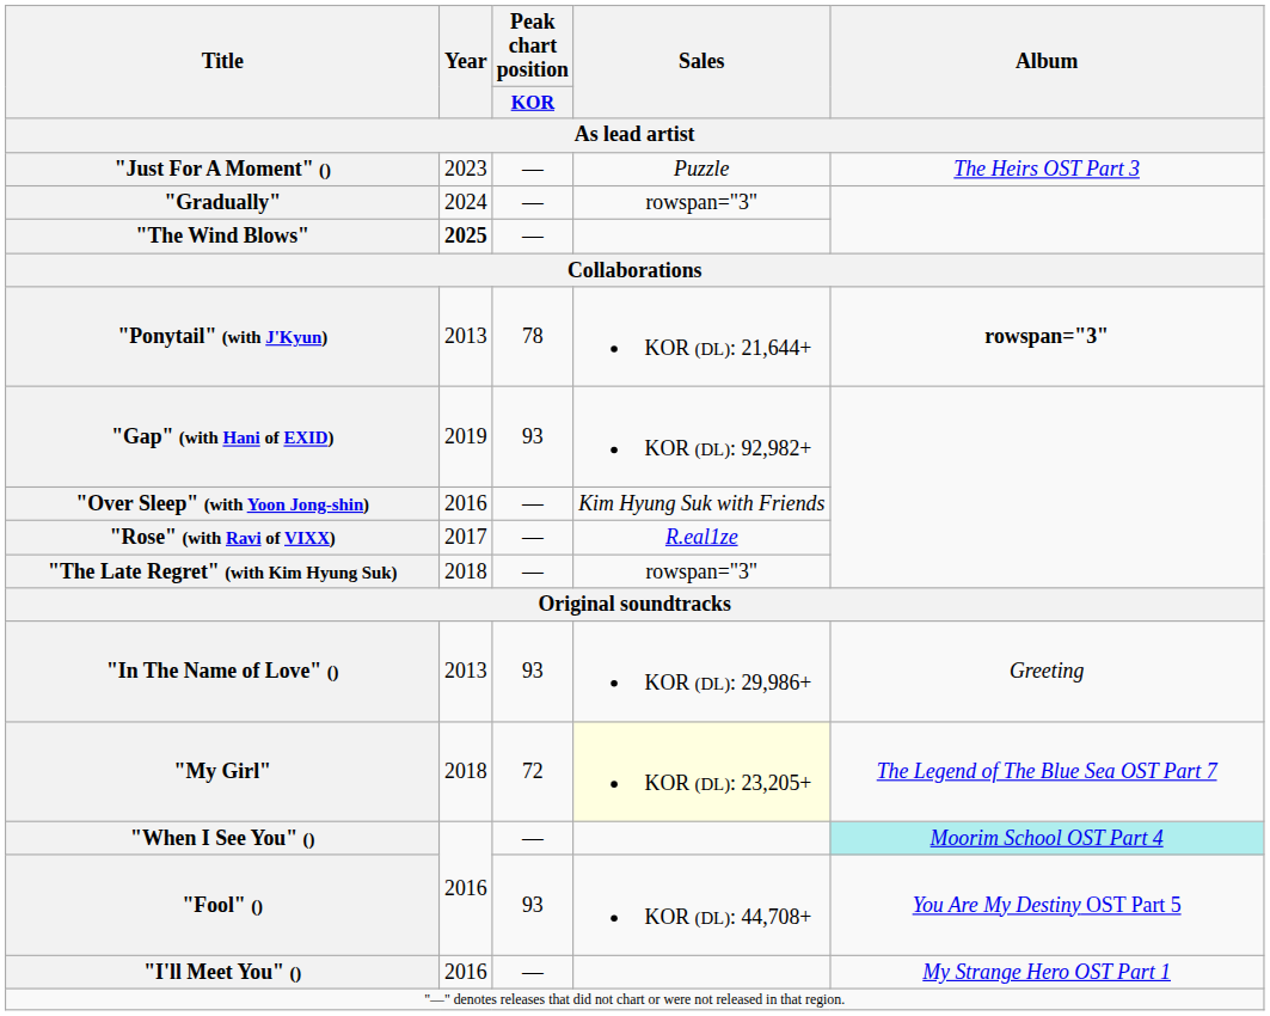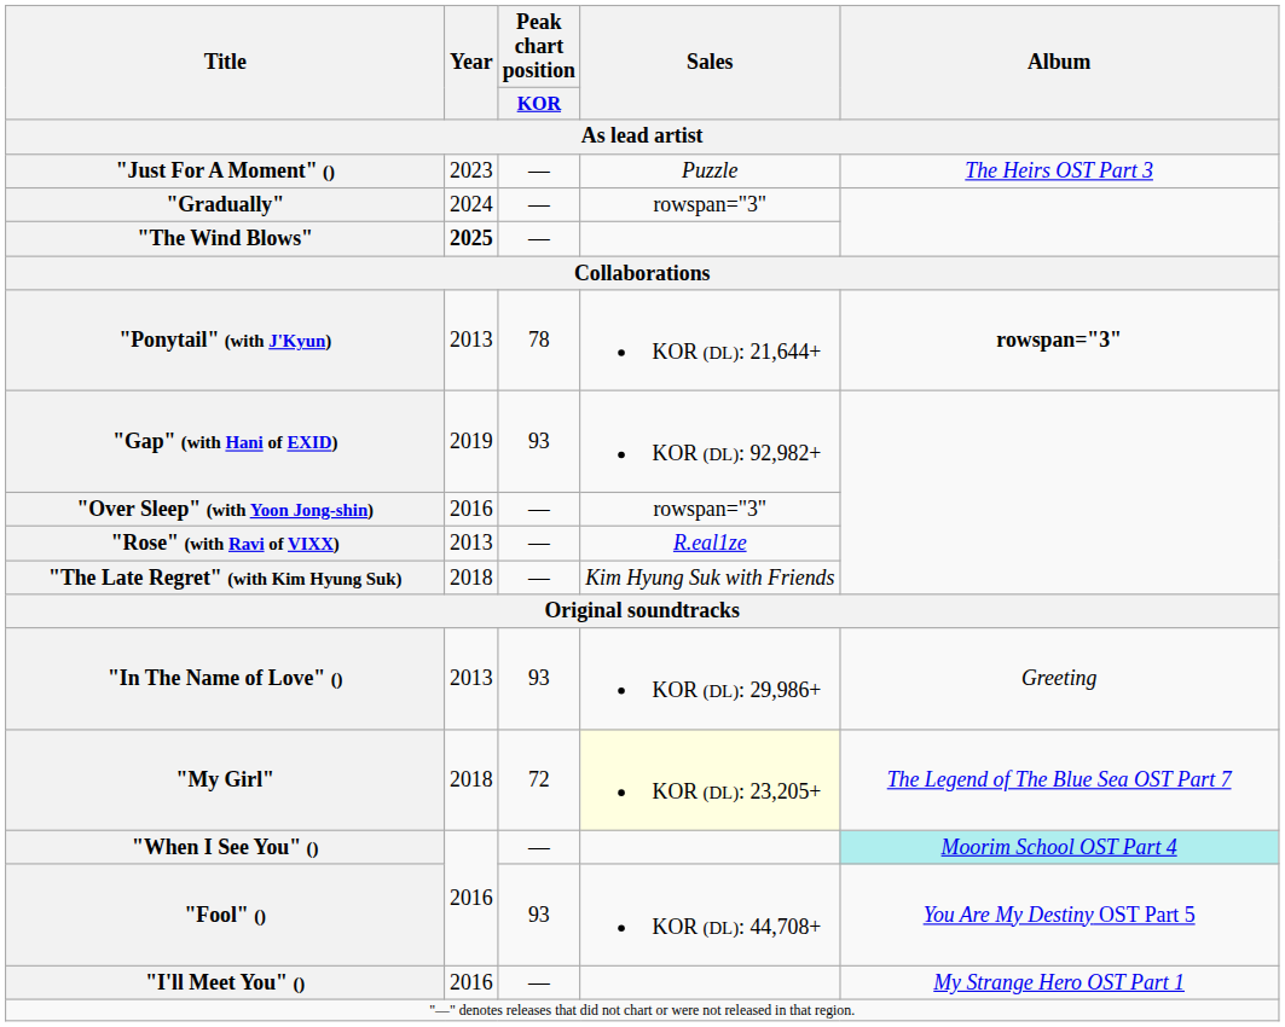 <table class="wikitable plainrowheaders" style="text-align:center">
 <tr>
 <th scope="col" rowspan="2" style="width:20em;">Title</th>
 <th scope="col" rowspan="2">Year</th>
 <th scope="col">Peak chart position</th>
 <th scope="col" rowspan="2">Sales</th>
 <th scope="col" rowspan="2" style="width:20em;">Album</th>
 </tr>
 <tr>
 <th style="width:3em;font-size:90%"><a href='#'>KOR</a><br></th>
 </tr>
 <tr>
 <th colspan="6">As lead artist</th>
 </tr>
 <tr>
 <th scope="row">"Just For A Moment" <small>()</small></th>
 <td>2023</td>
 <td>—</td>
 <td><em>Puzzle</em></td>
 <td><em><a href='#'>The Heirs OST Part 3</a></em></td>
 </tr>
 <tr>
 <th scope="row">"Gradually"</th>
 <td>2024</td>
 <td>—</td>
 <td>rowspan="3" </td>
 </tr>
 <tr>
 <th scope="row">"The Wind Blows"</th>
 <td><strong>2025</strong></td>
 <td>—</td>
 <td></td>
 </tr>
 <tr>
 <th colspan="5">Collaborations</th>
 </tr>
 <tr>
 <th scope="row">"Ponytail" <small>(with <a href='#'>J'Kyun</a>)</small></th>
 <td>2013</td>
 <td>78</td>
 <td><br><ul><li>KOR <small>(DL)</small>: 21,644+</li></ul></td>
 <td><strong>rowspan="3" </strong></td>
 </tr>
 <tr>
 <th scope="row">"Gap" <small>(with <a href='#'>Hani</a> of <a href='#'>EXID</a>)</small></th>
 <td>2019</td>
 <td>93</td>
 <td><br><ul><li>KOR <small>(DL)</small>: 92,982+</li></ul></td>
 </tr>
 <tr>
 <th scope="row">"Over Sleep" <small>(with <a href='#'>Yoon Jong-shin</a>)</small></th>
 <td>2016</td>
 <td>—</td>
-<td><em>Kim Hyung Suk with Friends</em></td>
+<td>rowspan="3" </td>
 </tr>
 <tr>
 <th scope="row">"Rose" <small>(with <a href='#'>Ravi</a> of <a href='#'>VIXX</a>)</small></th>
-<td>2017</td>
+<td>2013</td>
 <td>—</td>
 <td><em><a href='#'>R.eal1ze</a></em></td>
 </tr>
 <tr>
 <th scope="row">"The Late Regret" <small>(with Kim Hyung Suk)</small></th>
 <td>2018</td>
 <td>—</td>
-<td>rowspan="3" </td>
+<td><em>Kim Hyung Suk with Friends</em></td>
 </tr>
 <tr>
 <th colspan="5">Original soundtracks</th>
 </tr>
 <tr>
 <th scope="row">"In The Name of Love" <small>()</small></th>
 <td>2013</td>
 <td>93</td>
 <td><br><ul><li>KOR <small>(DL)</small>: 29,986+</li></ul></td>
 <td><em>Greeting</em></td>
 </tr>
 <tr>
 <th scope="row">"My Girl"</th>
 <td>2018</td>
 <td>72</td>
 <td style="background: lightyellow;"><br><ul><li>KOR <small>(DL)</small>: 23,205+</li></ul></td>
 <td><em><a href='#'>The Legend of The Blue Sea OST Part 7</a></em></td>
 </tr>
 <tr>
 <th scope="row">"When I See You" <small>()</small></th>
 <td rowspan=2>2016</td>
 <td>—</td>
 <td></td>
 <td style="background: paleturquoise;"><em><a href='#'>Moorim School OST Part 4</a></em></td>
 </tr>
 <tr>
 <th scope="row">"Fool" <small>()</small></th>
 <td>93</td>
 <td><br><ul><li>KOR <small>(DL)</small>: 44,708+</li></ul></td>
 <td><a href='#'><em>You Are My Destiny</em> OST Part 5</a></td>
 </tr>
 <tr>
 <th scope="row">"I'll Meet You" <small>()</small></th>
 <td>2016</td>
 <td>—</td>
 <td></td>
 <td><em><a href='#'>My Strange Hero OST Part 1</a></em></td>
 </tr>
 <tr>
 <td align="center" colspan="6" style="font-size:8pt">"—" denotes releases that did not chart or were not released in that region.</td>
 </tr>
 </table>
